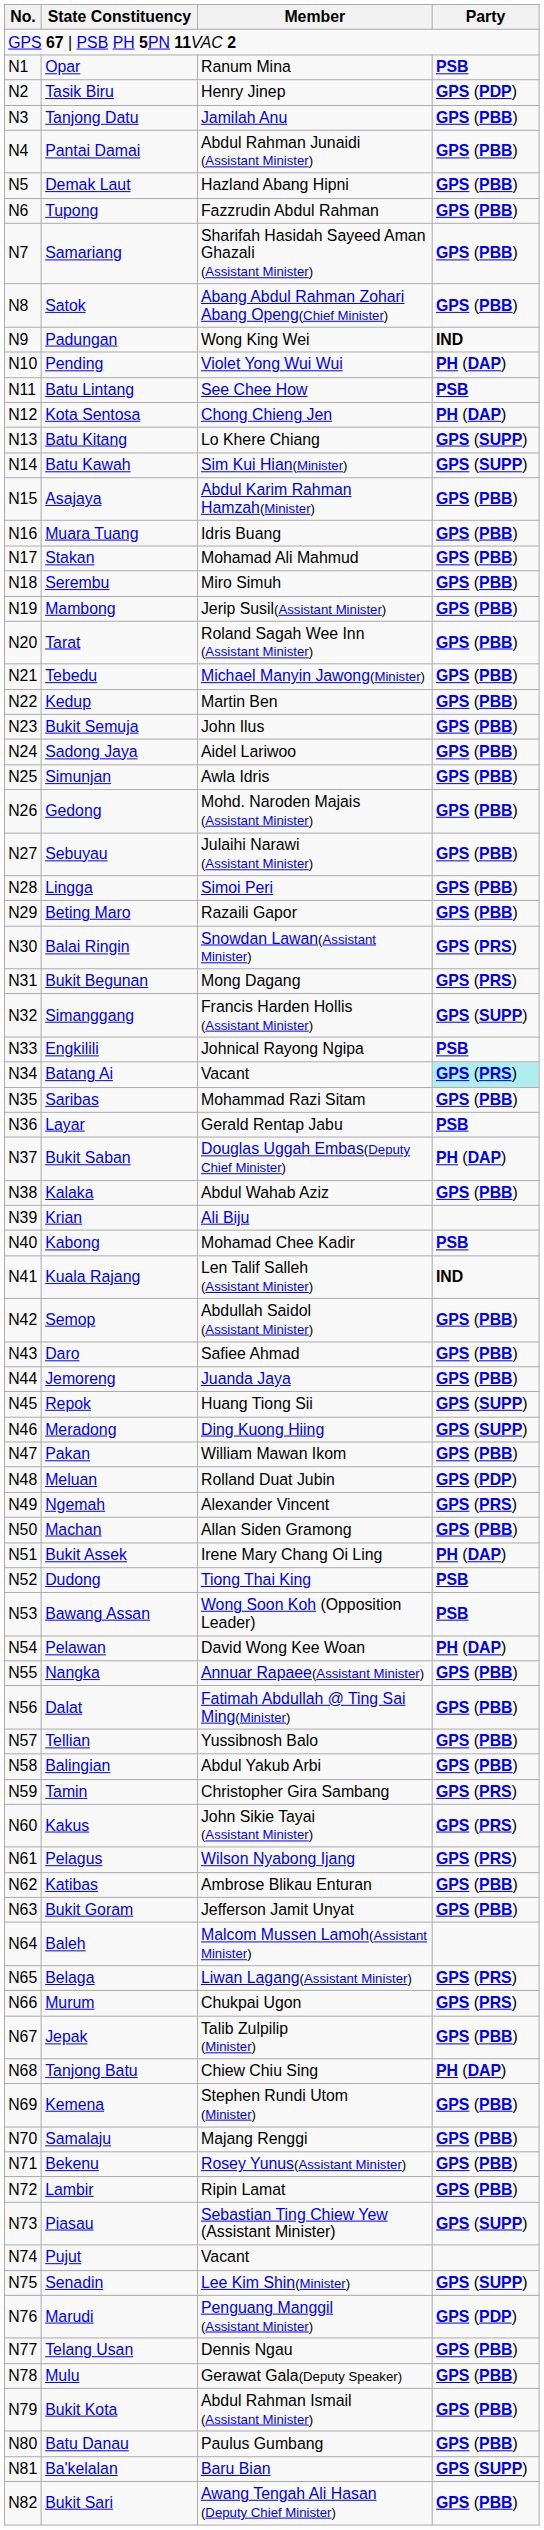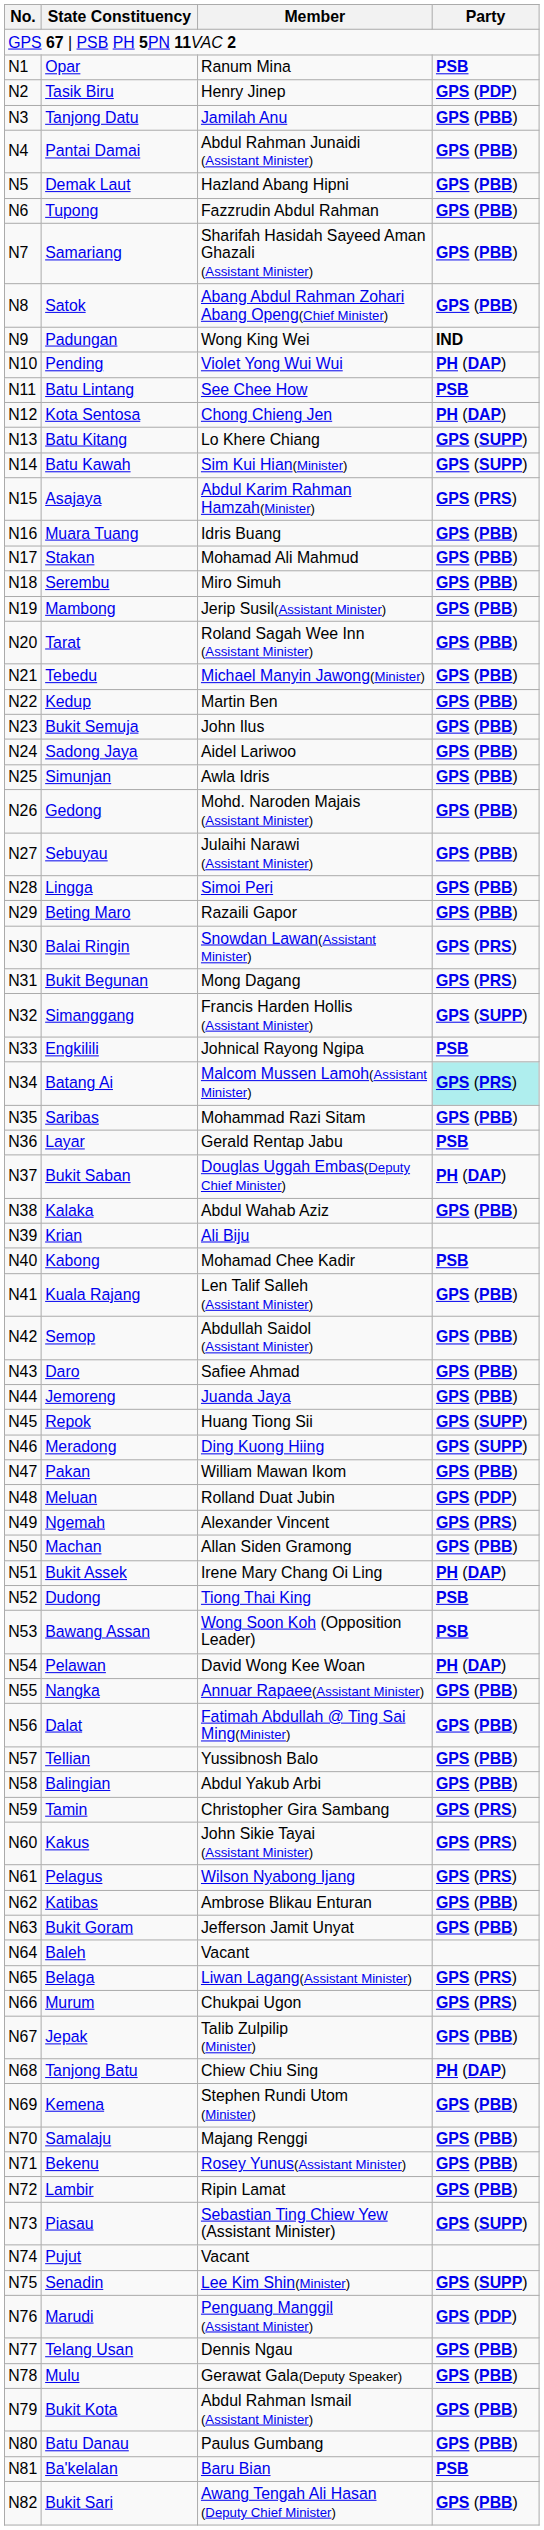 <table class="wikitable sortable">
 <tr>
 <th style="width:30px;">No.</th>
 <th style="width:150px;">State Constituency</th>
 <th style="width:230px;">Member</th>
 <th style="width:100px;">Party</th>
 </tr>
 <tr>
 <td colspan="4"><a href='#'>GPS</a> <strong>67</strong> | <a href='#'>PSB</a> <strong></strong> <a href='#'>PH</a> <strong>5</strong><a href='#'>PN</a> <strong>1</strong><strong>1</strong><em>VAC</em> <strong>2</strong></td>
 </tr>
 <tr>
 <td>N1</td>
 <td><a href='#'>Opar</a></td>
 <td>Ranum Mina</td>
 <td><strong><a href='#'>PSB</a></strong></td>
 </tr>
 <tr>
 <td>N2</td>
 <td><a href='#'>Tasik Biru</a></td>
 <td>Henry Jinep</td>
 <td><strong><a href='#'>GPS</a></strong> (<strong><a href='#'>PDP</a></strong>)</td>
 </tr>
 <tr>
 <td>N3</td>
 <td><a href='#'>Tanjong Datu</a></td>
 <td><a href='#'>Jamilah Anu</a></td>
 <td><strong><a href='#'>GPS</a></strong> (<strong><a href='#'>PBB</a></strong>)</td>
 </tr>
 <tr>
 <td>N4</td>
 <td><a href='#'>Pantai Damai</a></td>
 <td>Abdul Rahman Junaidi<br><small>(<a href='#'>Assistant Minister</a>)</small></td>
 <td><strong><a href='#'>GPS</a></strong> (<strong><a href='#'>PBB</a></strong>)</td>
 </tr>
 <tr>
 <td>N5</td>
 <td><a href='#'>Demak Laut</a></td>
 <td>Hazland Abang Hipni</td>
 <td><strong><a href='#'>GPS</a></strong> (<strong><a href='#'>PBB</a></strong>)</td>
 </tr>
 <tr>
 <td>N6</td>
 <td><a href='#'>Tupong</a></td>
 <td>Fazzrudin Abdul Rahman</td>
 <td><strong><a href='#'>GPS</a></strong> (<strong><a href='#'>PBB</a></strong>)</td>
 </tr>
 <tr>
 <td>N7</td>
 <td><a href='#'>Samariang</a></td>
 <td>Sharifah Hasidah Sayeed Aman Ghazali<br><small>(<a href='#'>Assistant Minister</a>)</small></td>
 <td><strong><a href='#'>GPS</a></strong> (<strong><a href='#'>PBB</a></strong>)</td>
 </tr>
 <tr>
 <td>N8</td>
 <td><a href='#'>Satok</a></td>
 <td><a href='#'>Abang Abdul Rahman Zohari Abang Openg</a><small>(<a href='#'>Chief Minister</a>)</small></td>
 <td><strong><a href='#'>GPS</a></strong> (<strong><a href='#'>PBB</a></strong>)</td>
 </tr>
 <tr>
 <td>N9</td>
 <td><a href='#'>Padungan</a></td>
 <td>Wong King Wei</td>
 <td><strong>IND</strong></td>
 </tr>
 <tr>
 <td>N10</td>
 <td><a href='#'>Pending</a></td>
 <td><a href='#'>Violet Yong Wui Wui</a></td>
 <td><strong><a href='#'>PH</a></strong> (<strong><a href='#'>DAP</a></strong>)</td>
 </tr>
 <tr>
 <td>N11</td>
 <td><a href='#'>Batu Lintang</a></td>
 <td><a href='#'>See Chee How</a></td>
 <td><strong><a href='#'>PSB</a></strong></td>
 </tr>
 <tr>
 <td>N12</td>
 <td><a href='#'>Kota Sentosa</a></td>
 <td><a href='#'>Chong Chieng Jen</a></td>
 <td><strong><a href='#'>PH</a></strong> (<strong><a href='#'>DAP</a></strong>)</td>
 </tr>
 <tr>
 <td>N13</td>
 <td><a href='#'>Batu Kitang</a></td>
 <td>Lo Khere Chiang</td>
 <td><strong><a href='#'>GPS</a></strong> (<strong><a href='#'>SUPP</a></strong>)</td>
 </tr>
 <tr>
 <td>N14</td>
 <td><a href='#'>Batu Kawah</a></td>
 <td><a href='#'>Sim Kui Hian</a><small>(<a href='#'>Minister</a>)</small></td>
 <td><strong><a href='#'>GPS</a></strong> (<strong><a href='#'>SUPP</a></strong>)</td>
 </tr>
 <tr>
 <td>N15</td>
 <td><a href='#'>Asajaya</a></td>
 <td><a href='#'>Abdul Karim Rahman Hamzah</a><small>(<a href='#'>Minister</a>)</small></td>
-<td><strong><a href='#'>GPS</a></strong> (<strong><a href='#'>PBB</a></strong>)</td>
+<td><strong><a href='#'>GPS</a></strong> (<strong><a href='#'>PRS</a></strong>)</td>
 </tr>
 <tr>
 <td>N16</td>
 <td><a href='#'>Muara Tuang</a></td>
 <td>Idris Buang</td>
 <td><strong><a href='#'>GPS</a></strong> (<strong><a href='#'>PBB</a></strong>)</td>
 </tr>
 <tr>
 <td>N17</td>
 <td><a href='#'>Stakan</a></td>
 <td>Mohamad Ali Mahmud</td>
 <td><strong><a href='#'>GPS</a></strong> (<strong><a href='#'>PBB</a></strong>)</td>
 </tr>
 <tr>
 <td>N18</td>
 <td><a href='#'>Serembu</a></td>
 <td>Miro Simuh</td>
 <td><strong><a href='#'>GPS</a></strong> (<strong><a href='#'>PBB</a></strong>)</td>
 </tr>
 <tr>
 <td>N19</td>
 <td><a href='#'>Mambong</a></td>
 <td>Jerip Susil<small>(<a href='#'>Assistant Minister</a>)</small></td>
 <td><strong><a href='#'>GPS</a></strong> (<strong><a href='#'>PBB</a></strong>)</td>
 </tr>
 <tr>
 <td>N20</td>
 <td><a href='#'>Tarat</a></td>
 <td>Roland Sagah Wee Inn<br><small>(<a href='#'>Assistant Minister</a>)</small></td>
 <td><strong><a href='#'>GPS</a></strong> (<strong><a href='#'>PBB</a></strong>)</td>
 </tr>
 <tr>
 <td>N21</td>
 <td><a href='#'>Tebedu</a></td>
 <td><a href='#'>Michael Manyin Jawong</a><small>(<a href='#'>Minister</a>)</small></td>
 <td><strong><a href='#'>GPS</a></strong> (<strong><a href='#'>PBB</a></strong>)</td>
 </tr>
 <tr>
 <td>N22</td>
 <td><a href='#'>Kedup</a></td>
 <td>Martin Ben</td>
 <td><strong><a href='#'>GPS</a></strong> (<strong><a href='#'>PBB</a></strong>)</td>
 </tr>
 <tr>
 <td>N23</td>
 <td><a href='#'>Bukit Semuja</a></td>
 <td>John Ilus</td>
 <td><strong><a href='#'>GPS</a></strong> (<strong><a href='#'>PBB</a></strong>)</td>
 </tr>
 <tr>
 <td>N24</td>
 <td><a href='#'>Sadong Jaya</a></td>
 <td>Aidel Lariwoo</td>
 <td><strong><a href='#'>GPS</a></strong> (<strong><a href='#'>PBB</a></strong>)</td>
 </tr>
 <tr>
 <td>N25</td>
 <td><a href='#'>Simunjan</a></td>
 <td>Awla Idris</td>
 <td><strong><a href='#'>GPS</a></strong> (<strong><a href='#'>PBB</a></strong>)</td>
 </tr>
 <tr>
 <td>N26</td>
 <td><a href='#'>Gedong</a></td>
 <td>Mohd. Naroden Majais<br><small>(<a href='#'>Assistant Minister</a>)</small></td>
 <td><strong><a href='#'>GPS</a></strong> (<strong><a href='#'>PBB</a></strong>)</td>
 </tr>
 <tr>
 <td>N27</td>
 <td><a href='#'>Sebuyau</a></td>
 <td>Julaihi Narawi<br><small>(<a href='#'>Assistant Minister</a>)</small></td>
 <td><strong><a href='#'>GPS</a></strong> (<strong><a href='#'>PBB</a></strong>)</td>
 </tr>
 <tr>
 <td>N28</td>
 <td><a href='#'>Lingga</a></td>
 <td><a href='#'>Simoi Peri</a></td>
 <td><strong><a href='#'>GPS</a></strong> (<strong><a href='#'>PBB</a></strong>)</td>
 </tr>
 <tr>
 <td>N29</td>
 <td><a href='#'>Beting Maro</a></td>
 <td>Razaili Gapor</td>
 <td><strong><a href='#'>GPS</a></strong> (<strong><a href='#'>PBB</a></strong>)</td>
 </tr>
 <tr>
 <td>N30</td>
 <td><a href='#'>Balai Ringin</a></td>
 <td><a href='#'>Snowdan Lawan</a><small>(<a href='#'>Assistant Minister</a>)</small></td>
 <td><strong><a href='#'>GPS</a></strong> (<strong><a href='#'>PRS</a></strong>)</td>
 </tr>
 <tr>
 <td>N31</td>
 <td><a href='#'>Bukit Begunan</a></td>
 <td>Mong Dagang</td>
 <td><strong><a href='#'>GPS</a></strong> (<strong><a href='#'>PRS</a></strong>)</td>
 </tr>
 <tr>
 <td>N32</td>
 <td><a href='#'>Simanggang</a></td>
 <td>Francis Harden Hollis<br><small>(<a href='#'>Assistant Minister</a>)</small></td>
 <td><strong><a href='#'>GPS</a></strong> (<strong><a href='#'>SUPP</a></strong>)</td>
 </tr>
 <tr>
 <td>N33</td>
 <td><a href='#'>Engkilili</a></td>
 <td>Johnical Rayong Ngipa</td>
 <td><strong><a href='#'>PSB</a></strong></td>
 </tr>
 <tr>
 <td>N34</td>
 <td><a href='#'>Batang Ai</a></td>
-<td>Vacant</td>
+<td><a href='#'>Malcom Mussen Lamoh</a><small>(<a href='#'>Assistant Minister</a>)</small></td>
 <td style="background: paleturquoise;"><strong><a href='#'>GPS</a></strong> (<strong><a href='#'>PRS</a></strong>)</td>
 </tr>
 <tr>
 <td>N35</td>
 <td><a href='#'>Saribas</a></td>
 <td>Mohammad Razi Sitam</td>
 <td><strong><a href='#'>GPS</a></strong> (<strong><a href='#'>PBB</a></strong>)</td>
 </tr>
 <tr>
 <td>N36</td>
 <td><a href='#'>Layar</a></td>
 <td>Gerald Rentap Jabu</td>
 <td><strong><a href='#'>PSB</a></strong></td>
 </tr>
 <tr>
 <td>N37</td>
 <td><a href='#'>Bukit Saban</a></td>
 <td><a href='#'>Douglas Uggah Embas</a><small>(<a href='#'>Deputy Chief Minister</a>)</small></td>
 <td><strong><a href='#'>PH</a></strong> (<strong><a href='#'>DAP</a></strong>)</td>
 </tr>
 <tr>
 <td>N38</td>
 <td><a href='#'>Kalaka</a></td>
 <td>Abdul Wahab Aziz</td>
 <td><strong><a href='#'>GPS</a></strong> (<strong><a href='#'>PBB</a></strong>)</td>
 </tr>
 <tr>
 <td>N39</td>
 <td><a href='#'>Krian</a></td>
 <td><a href='#'>Ali Biju</a></td>
 <td></td>
 </tr>
 <tr>
 <td>N40</td>
 <td><a href='#'>Kabong</a></td>
 <td>Mohamad Chee Kadir</td>
 <td><strong><a href='#'>PSB</a></strong></td>
 </tr>
 <tr>
 <td>N41</td>
 <td><a href='#'>Kuala Rajang</a></td>
 <td>Len Talif Salleh<br><small>(<a href='#'>Assistant Minister</a>)</small></td>
-<td><strong>IND</strong></td>
+<td><strong><a href='#'>GPS</a></strong> (<strong><a href='#'>PBB</a></strong>)</td>
 </tr>
 <tr>
 <td>N42</td>
 <td><a href='#'>Semop</a></td>
 <td>Abdullah Saidol<br><small>(<a href='#'>Assistant Minister</a>)</small></td>
 <td><strong><a href='#'>GPS</a></strong> (<strong><a href='#'>PBB</a></strong>)</td>
 </tr>
 <tr>
 <td>N43</td>
 <td><a href='#'>Daro</a></td>
 <td>Safiee Ahmad</td>
 <td><strong><a href='#'>GPS</a></strong> (<strong><a href='#'>PBB</a></strong>)</td>
 </tr>
 <tr>
 <td>N44</td>
 <td><a href='#'>Jemoreng</a></td>
 <td><a href='#'>Juanda Jaya</a></td>
 <td><strong><a href='#'>GPS</a></strong> (<strong><a href='#'>PBB</a></strong>)</td>
 </tr>
 <tr>
 <td>N45</td>
 <td><a href='#'>Repok</a></td>
 <td>Huang Tiong Sii</td>
 <td><strong><a href='#'>GPS</a></strong> (<strong><a href='#'>SUPP</a></strong>)</td>
 </tr>
 <tr>
 <td>N46</td>
 <td><a href='#'>Meradong</a></td>
 <td><a href='#'>Ding Kuong Hiing</a></td>
 <td><strong><a href='#'>GPS</a></strong> (<strong><a href='#'>SUPP</a></strong>)</td>
 </tr>
 <tr>
 <td>N47</td>
 <td><a href='#'>Pakan</a></td>
 <td>William Mawan Ikom</td>
 <td><strong><a href='#'>GPS</a></strong> (<strong><a href='#'>PBB</a></strong>)</td>
 </tr>
 <tr>
 <td>N48</td>
 <td><a href='#'>Meluan</a></td>
 <td>Rolland Duat Jubin</td>
 <td><strong><a href='#'>GPS</a></strong> (<strong><a href='#'>PDP</a></strong>)</td>
 </tr>
 <tr>
 <td>N49</td>
 <td><a href='#'>Ngemah</a></td>
 <td>Alexander Vincent</td>
 <td><strong><a href='#'>GPS</a></strong> (<strong><a href='#'>PRS</a></strong>)</td>
 </tr>
 <tr>
 <td>N50</td>
 <td><a href='#'>Machan</a></td>
 <td>Allan Siden Gramong</td>
 <td><strong><a href='#'>GPS</a></strong> (<strong><a href='#'>PBB</a></strong>)</td>
 </tr>
 <tr>
 <td>N51</td>
 <td><a href='#'>Bukit Assek</a></td>
 <td>Irene Mary Chang Oi Ling</td>
 <td><strong><a href='#'>PH</a></strong> (<strong><a href='#'>DAP</a></strong>)</td>
 </tr>
 <tr>
 <td>N52</td>
 <td><a href='#'>Dudong</a></td>
 <td><a href='#'>Tiong Thai King</a></td>
 <td><strong><a href='#'>PSB</a></strong></td>
 </tr>
 <tr>
 <td>N53</td>
 <td><a href='#'>Bawang Assan</a></td>
 <td><a href='#'>Wong Soon Koh</a> (Opposition Leader)</td>
 <td><strong><a href='#'>PSB</a></strong></td>
 </tr>
 <tr>
 <td>N54</td>
 <td><a href='#'>Pelawan</a></td>
 <td>David Wong Kee Woan</td>
 <td><strong><a href='#'>PH</a></strong> (<strong><a href='#'>DAP</a></strong>)</td>
 </tr>
 <tr>
 <td>N55</td>
 <td><a href='#'>Nangka</a></td>
 <td><a href='#'>Annuar Rapaee</a><small>(<a href='#'>Assistant Minister</a>)</small></td>
 <td><strong><a href='#'>GPS</a></strong> (<strong><a href='#'>PBB</a></strong>)</td>
 </tr>
 <tr>
 <td>N56</td>
 <td><a href='#'>Dalat</a></td>
 <td><a href='#'>Fatimah Abdullah @ Ting Sai Ming</a><small>(<a href='#'>Minister</a>)</small></td>
 <td><strong><a href='#'>GPS</a></strong> (<strong><a href='#'>PBB</a></strong>)</td>
 </tr>
 <tr>
 <td>N57</td>
 <td><a href='#'>Tellian</a></td>
 <td>Yussibnosh Balo</td>
 <td><strong><a href='#'>GPS</a></strong> (<strong><a href='#'>PBB</a></strong>)</td>
 </tr>
 <tr>
 <td>N58</td>
 <td><a href='#'>Balingian</a></td>
 <td>Abdul Yakub Arbi</td>
 <td><strong><a href='#'>GPS</a></strong> (<strong><a href='#'>PBB</a></strong>)</td>
 </tr>
 <tr>
 <td>N59</td>
 <td><a href='#'>Tamin</a></td>
 <td>Christopher Gira Sambang</td>
 <td><strong><a href='#'>GPS</a></strong> (<strong><a href='#'>PRS</a></strong>)</td>
 </tr>
 <tr>
 <td>N60</td>
 <td><a href='#'>Kakus</a></td>
 <td>John Sikie Tayai<br><small>(<a href='#'>Assistant Minister</a>)</small></td>
 <td><strong><a href='#'>GPS</a></strong> (<strong><a href='#'>PRS</a></strong>)</td>
 </tr>
 <tr>
 <td>N61</td>
 <td><a href='#'>Pelagus</a></td>
 <td><a href='#'>Wilson Nyabong Ijang</a></td>
 <td><strong><a href='#'>GPS</a></strong> (<strong><a href='#'>PRS</a></strong>)</td>
 </tr>
 <tr>
 <td>N62</td>
 <td><a href='#'>Katibas</a></td>
 <td>Ambrose Blikau Enturan</td>
 <td><strong><a href='#'>GPS</a></strong> (<strong><a href='#'>PBB</a></strong>)</td>
 </tr>
 <tr>
 <td>N63</td>
 <td><a href='#'>Bukit Goram</a></td>
 <td>Jefferson Jamit Unyat</td>
 <td><strong><a href='#'>GPS</a></strong> (<strong><a href='#'>PBB</a></strong>)</td>
 </tr>
 <tr>
 <td>N64</td>
 <td><a href='#'>Baleh</a></td>
-<td><a href='#'>Malcom Mussen Lamoh</a><small>(<a href='#'>Assistant Minister</a>)</small></td>
+<td>Vacant</td>
 <td bgcolor=""></td>
 </tr>
 <tr>
 <td>N65</td>
 <td><a href='#'>Belaga</a></td>
 <td><a href='#'>Liwan Lagang</a><small>(<a href='#'>Assistant Minister</a>)</small></td>
 <td><strong><a href='#'>GPS</a></strong> (<strong><a href='#'>PRS</a></strong>)</td>
 </tr>
 <tr>
 <td>N66</td>
 <td><a href='#'>Murum</a></td>
 <td>Chukpai Ugon</td>
 <td><strong><a href='#'>GPS</a></strong> (<strong><a href='#'>PRS</a></strong>)</td>
 </tr>
 <tr>
 <td>N67</td>
 <td><a href='#'>Jepak</a></td>
 <td>Talib Zulpilip<br><small>(<a href='#'>Minister</a>)</small></td>
 <td><strong><a href='#'>GPS</a></strong> (<strong><a href='#'>PBB</a></strong>)</td>
 </tr>
 <tr>
 <td>N68</td>
 <td><a href='#'>Tanjong Batu</a></td>
 <td>Chiew Chiu Sing</td>
 <td><strong><a href='#'>PH</a></strong> (<strong><a href='#'>DAP</a></strong>)</td>
 </tr>
 <tr>
 <td>N69</td>
 <td><a href='#'>Kemena</a></td>
 <td>Stephen Rundi Utom<br><small>(<a href='#'>Minister</a>)</small></td>
 <td><strong><a href='#'>GPS</a></strong> (<strong><a href='#'>PBB</a></strong>)</td>
 </tr>
 <tr>
 <td>N70</td>
 <td><a href='#'>Samalaju</a></td>
 <td>Majang Renggi</td>
 <td><strong><a href='#'>GPS</a></strong> (<strong><a href='#'>PBB</a></strong>)</td>
 </tr>
 <tr>
 <td>N71</td>
 <td><a href='#'>Bekenu</a></td>
 <td><a href='#'>Rosey Yunus</a><small>(<a href='#'>Assistant Minister</a>)</small></td>
 <td><strong><a href='#'>GPS</a></strong> (<strong><a href='#'>PBB</a></strong>)</td>
 </tr>
 <tr>
 <td>N72</td>
 <td><a href='#'>Lambir</a></td>
 <td>Ripin Lamat</td>
 <td><strong><a href='#'>GPS</a></strong> (<strong><a href='#'>PBB</a></strong>)</td>
 </tr>
 <tr>
 <td>N73</td>
 <td><a href='#'>Piasau</a></td>
 <td><a href='#'>Sebastian Ting Chiew Yew</a> (Assistant Minister)</td>
 <td><strong><a href='#'>GPS</a></strong> (<strong><a href='#'>SUPP</a></strong>)</td>
 </tr>
 <tr>
 <td>N74</td>
 <td><a href='#'>Pujut</a></td>
 <td>Vacant</td>
 <td></td>
 </tr>
 <tr>
 <td>N75</td>
 <td><a href='#'>Senadin</a></td>
 <td><a href='#'>Lee Kim Shin</a><small>(<a href='#'>Minister</a>)</small></td>
 <td><strong><a href='#'>GPS</a></strong> (<strong><a href='#'>SUPP</a></strong>)</td>
 </tr>
 <tr>
 <td>N76</td>
 <td><a href='#'>Marudi</a></td>
 <td><a href='#'>Penguang Manggil</a><br><small>(<a href='#'>Assistant Minister</a>)</small></td>
 <td><strong><a href='#'>GPS</a></strong> (<strong><a href='#'>PDP</a></strong>)</td>
 </tr>
 <tr>
 <td>N77</td>
 <td><a href='#'>Telang Usan</a></td>
 <td>Dennis Ngau</td>
 <td><strong><a href='#'>GPS</a></strong> (<strong><a href='#'>PBB</a></strong>)</td>
 </tr>
 <tr>
 <td>N78</td>
 <td><a href='#'>Mulu</a></td>
 <td>Gerawat Gala<small>(Deputy Speaker)</small></td>
 <td><strong><a href='#'>GPS</a></strong> (<strong><a href='#'>PBB</a></strong>)</td>
 </tr>
 <tr>
 <td>N79</td>
 <td><a href='#'>Bukit Kota</a></td>
 <td>Abdul Rahman Ismail<br><small>(<a href='#'>Assistant Minister</a>)</small></td>
 <td><strong><a href='#'>GPS</a></strong> (<strong><a href='#'>PBB</a></strong>)</td>
 </tr>
 <tr>
 <td>N80</td>
 <td><a href='#'>Batu Danau</a></td>
 <td>Paulus Gumbang</td>
 <td><strong><a href='#'>GPS</a></strong> (<strong><a href='#'>PBB</a></strong>)</td>
 </tr>
 <tr>
 <td>N81</td>
 <td><a href='#'>Ba'kelalan</a></td>
 <td><a href='#'>Baru Bian</a></td>
-<td><strong><a href='#'>GPS</a></strong> (<strong><a href='#'>SUPP</a></strong>)</td>
+<td><strong><a href='#'>PSB</a></strong></td>
 </tr>
 <tr>
 <td>N82</td>
 <td><a href='#'>Bukit Sari</a></td>
 <td><a href='#'>Awang Tengah Ali Hasan</a><br><small>(<a href='#'>Deputy Chief Minister</a>)</small></td>
 <td><strong><a href='#'>GPS</a></strong> (<strong><a href='#'>PBB</a></strong>)</td>
 </tr>
 </table>
